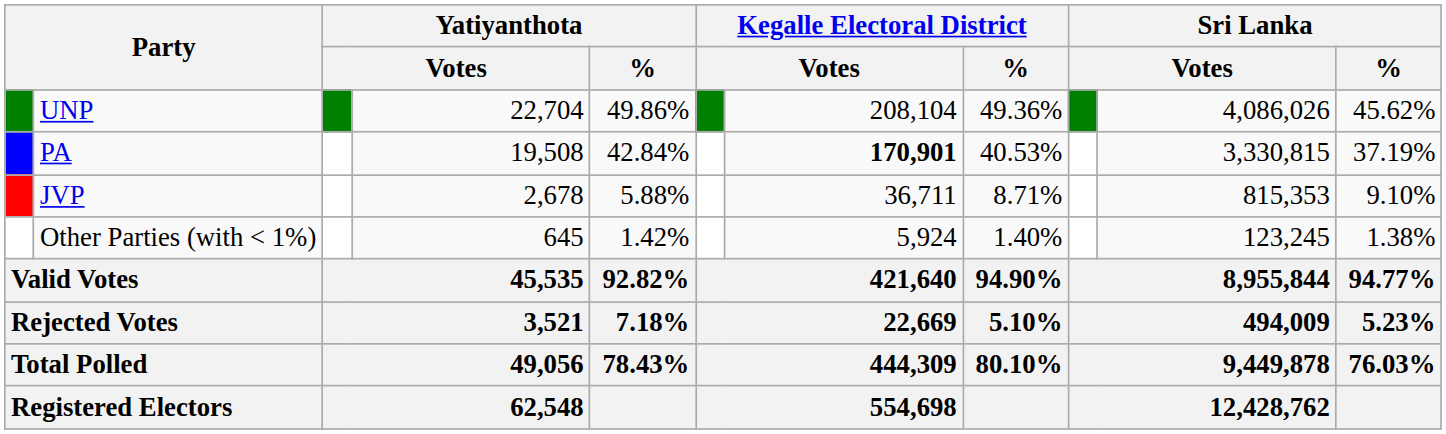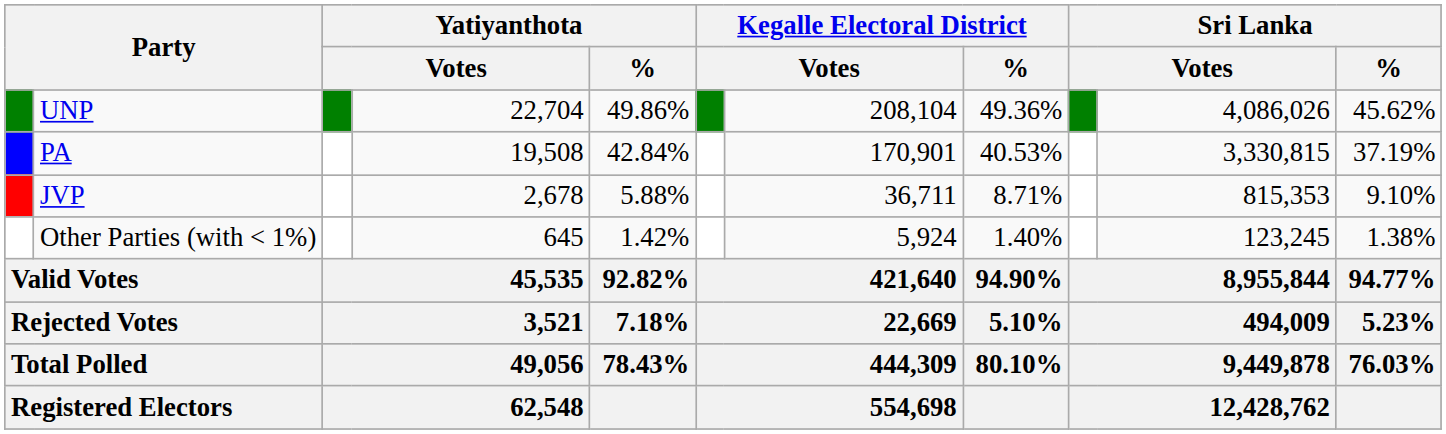 <table class="wikitable">
 <tr>
 <th colspan="2" width="144px"rowspan="2">Party</th>
 <th colspan="3" width="216px">Yatiyanthota</th>
 <th colspan="3" width="216px"><a href='#'>Kegalle Electoral District</a></th>
 <th colspan="3" width="216px">Sri Lanka</th>
 </tr>
 <tr>
 <th colspan="2" width="144px">Votes</th>
 <th>%</th>
 <th colspan="2" width="144px">Votes</th>
 <th>%</th>
 <th colspan="2" width="144px">Votes</th>
 <th>%</th>
 </tr>
 <tr>
 <td style="background-color:green;" width="10px"></td>
 <td style="text-align:left;"><a href='#'>UNP</a></td>
 <td style="background-color:green;" width="10px"></td>
 <td style="text-align:right;">22,704</td>
 <td style="text-align:right;">49.86%</td>
 <td style="background-color:green;" width="10px"></td>
 <td style="text-align:right;">208,104</td>
 <td style="text-align:right;">49.36%</td>
 <td style="background-color:green;" width="10px"></td>
 <td style="text-align:right;">4,086,026</td>
 <td style="text-align:right;">45.62%</td>
 </tr>
 <tr>
 <td style="background-color:blue;" width="10px"></td>
 <td style="text-align:left;"><a href='#'>PA</a></td>
 <td style="background-color:white;" width="10px"></td>
 <td style="text-align:right;">19,508</td>
 <td style="text-align:right;">42.84%</td>
 <td style="background-color:white;" width="10px"></td>
-<td style="text-align:right;"><strong>170,901</strong></td>
+<td style="text-align:right;">170,901</td>
 <td style="text-align:right;">40.53%</td>
 <td style="background-color:white;" width="10px"></td>
 <td style="text-align:right;">3,330,815</td>
 <td style="text-align:right;">37.19%</td>
 </tr>
 <tr>
 <td style="background-color:red;" width="10px"></td>
 <td style="text-align:left;"><a href='#'>JVP</a></td>
 <td style="background-color:white;" width="10px"></td>
 <td style="text-align:right;">2,678</td>
 <td style="text-align:right;">5.88%</td>
 <td style="background-color:white;" width="10px"></td>
 <td style="text-align:right;">36,711</td>
 <td style="text-align:right;">8.71%</td>
 <td style="background-color:white;" width="10px"></td>
 <td style="text-align:right;">815,353</td>
 <td style="text-align:right;">9.10%</td>
 </tr>
 <tr>
 <td style="background-color:white;" width="10px"></td>
 <td style="text-align:left;">Other Parties (with < 1%)</td>
 <td style="background-color:white;" width="10px"></td>
 <td style="text-align:right;">645</td>
 <td style="text-align:right;">1.42%</td>
 <td style="background-color:white;" width="10px"></td>
 <td style="text-align:right;">5,924</td>
 <td style="text-align:right;">1.40%</td>
 <td style="background-color:white;" width="10px"></td>
 <td style="text-align:right;">123,245</td>
 <td style="text-align:right;">1.38%</td>
 </tr>
 <tr>
 <th colspan="2" width="144px"style="text-align:left;">Valid Votes</th>
 <th style="text-align:right;"colspan="2" width="144px">45,535</th>
 <th style="text-align:right;">92.82%</th>
 <th style="text-align:right;"colspan="2" width="144px">421,640</th>
 <th style="text-align:right;">94.90%</th>
 <th style="text-align:right;"colspan="2" width="144px">8,955,844</th>
 <th style="text-align:right;">94.77%</th>
 </tr>
 <tr>
 <th colspan="2" width="144px"style="text-align:left;">Rejected Votes</th>
 <th style="text-align:right;"colspan="2" width="144px">3,521</th>
 <th style="text-align:right;">7.18%</th>
 <th style="text-align:right;"colspan="2" width="144px">22,669</th>
 <th style="text-align:right;">5.10%</th>
 <th style="text-align:right;"colspan="2" width="144px">494,009</th>
 <th style="text-align:right;">5.23%</th>
 </tr>
 <tr>
 <th colspan="2" width="144px"style="text-align:left;">Total Polled</th>
 <th style="text-align:right;"colspan="2" width="144px">49,056</th>
 <th style="text-align:right;">78.43%</th>
 <th style="text-align:right;"colspan="2" width="144px">444,309</th>
 <th style="text-align:right;">80.10%</th>
 <th style="text-align:right;"colspan="2" width="144px">9,449,878</th>
 <th style="text-align:right;">76.03%</th>
 </tr>
 <tr>
 <th colspan="2" width="144px"style="text-align:left;">Registered Electors</th>
 <th style="text-align:right;"colspan="2" width="144px">62,548</th>
 <th></th>
 <th style="text-align:right;"colspan="2" width="144px">554,698</th>
 <th></th>
 <th style="text-align:right;"colspan="2" width="144px">12,428,762</th>
 <th></th>
 </tr>
 </table>
